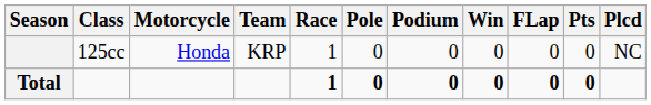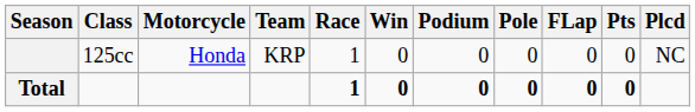 <table class="wikitable">
 <tr>
 <th>Season</th>
 <th>Class</th>
 <th>Motorcycle</th>
 <th>Team</th>
 <th>Race</th>
+<th>Win</th>
+<th>Podium</th>
 <th>Pole</th>
-<th>Podium</th>
-<th>Win</th>
 <th>FLap</th>
 <th>Pts</th>
 <th>Plcd</th>
 </tr>
 <tr align="right">
 <th></th>
 <td>125cc</td>
 <td><a href='#'>Honda</a></td>
 <td>KRP</td>
 <td>1</td>
 <td>0</td>
 <td>0</td>
 <td>0</td>
 <td>0</td>
 <td>0</td>
 <td>NC</td>
 </tr>
 <tr align="right">
 <th>Total</th>
 <td></td>
 <td></td>
 <td></td>
 <td><strong>1</strong></td>
 <td><strong>0</strong></td>
 <td><strong>0</strong></td>
 <td><strong>0</strong></td>
 <td><strong>0</strong></td>
 <td><strong>0</strong></td>
 <td></td>
 </tr>
 </table>
